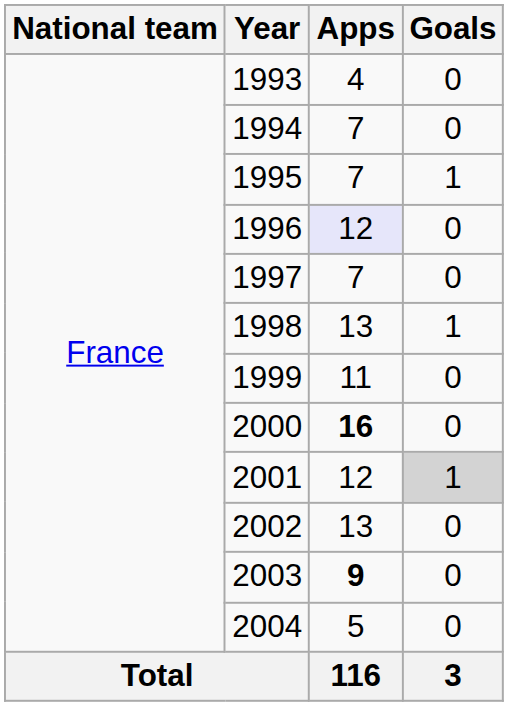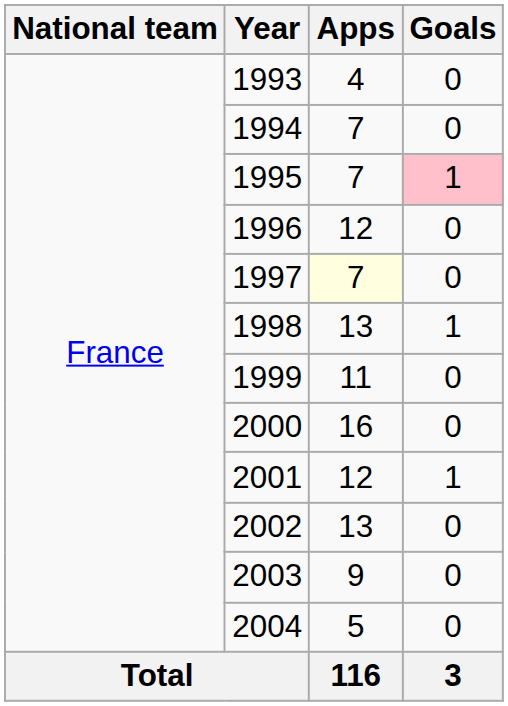 <table class="wikitable" style="text-align: center;">
 <tr>
 <th>National team</th>
 <th>Year</th>
 <th>Apps</th>
 <th>Goals</th>
 </tr>
 <tr>
 <td rowspan="12"><a href='#'>France</a></td>
 <td>1993</td>
 <td>4</td>
 <td>0</td>
 </tr>
 <tr>
 <td>1994</td>
 <td>7</td>
 <td>0</td>
 </tr>
 <tr>
 <td>1995</td>
 <td>7</td>
-<td>1</td>
+<td style="background: pink;">1</td>
 </tr>
 <tr>
 <td>1996</td>
-<td style="background: lavender;">12</td>
+<td>12</td>
 <td>0</td>
 </tr>
 <tr>
 <td>1997</td>
-<td>7</td>
+<td style="background: lightyellow;">7</td>
 <td>0</td>
 </tr>
 <tr>
 <td>1998</td>
 <td>13</td>
 <td>1</td>
 </tr>
 <tr>
 <td>1999</td>
 <td>11</td>
 <td>0</td>
 </tr>
 <tr>
 <td>2000</td>
-<td><strong>16</strong></td>
+<td>16</td>
 <td>0</td>
 </tr>
 <tr>
 <td>2001</td>
 <td>12</td>
-<td style="background: lightgrey;">1</td>
+<td>1</td>
 </tr>
 <tr>
 <td>2002</td>
 <td>13</td>
 <td>0</td>
 </tr>
 <tr>
 <td>2003</td>
-<td><strong>9</strong></td>
+<td>9</td>
 <td>0</td>
 </tr>
 <tr>
 <td>2004</td>
 <td>5</td>
 <td>0</td>
 </tr>
 <tr>
 <th colspan="2">Total</th>
 <th>116</th>
 <th>3</th>
 </tr>
 </table>
